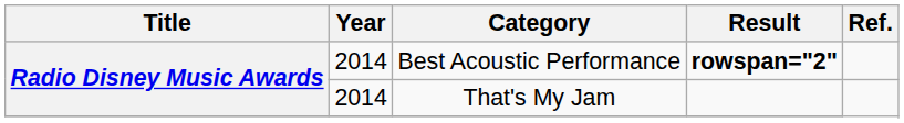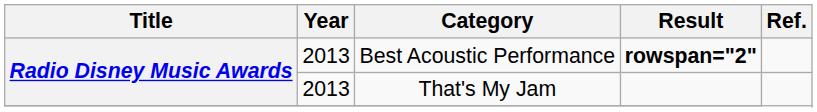 <table class="wikitable plainrowheaders" style="text-align:center;" border="1">
 <tr>
 <th scope="col">Title</th>
 <th scope="col">Year</th>
 <th scope="col">Category</th>
 <th scope="col">Result</th>
 <th scope="col">Ref.</th>
 </tr>
 <tr>
 <th scope="row" rowspan="2"><em><a href='#'>Radio Disney Music Awards</a></em></th>
-<td>2014</td>
+<td>2013</td>
 <td>Best Acoustic Performance</td>
 <td><strong>rowspan="2" </strong></td>
 <td></td>
 </tr>
 <tr>
-<td>2014</td>
+<td>2013</td>
 <td>That's My Jam</td>
 <td></td>
 </tr>
 <tr>
 </tr>
 </table>
